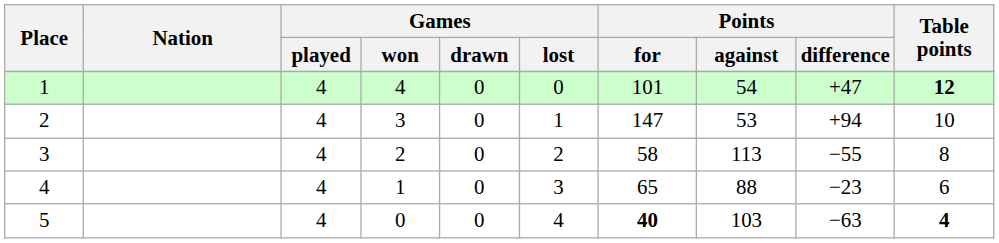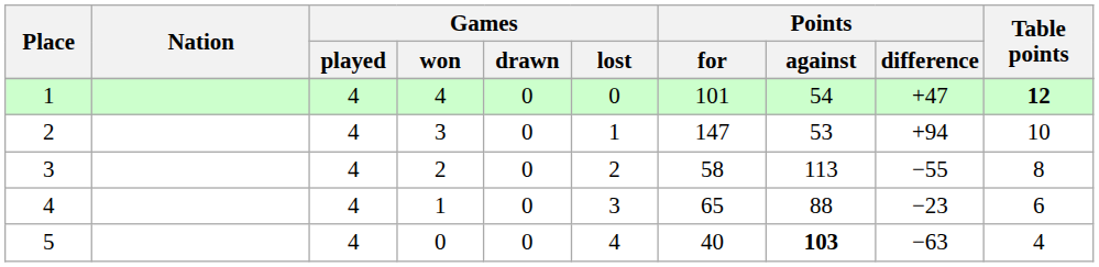 <table class="wikitable">
 <tr>
 <th rowspan=2 width="8%">Place</th>
 <th rowspan=2 width="20%">Nation</th>
 <th colspan=4 width="32%">Games</th>
 <th colspan=3 width="30%">Points</th>
 <th rowspan=2 width="10%">Table<br>points</th>
 </tr>
 <tr>
 <th width="8%">played</th>
 <th width="8%">won</th>
 <th width="8%">drawn</th>
 <th width="8%">lost</th>
 <th width="10%">for</th>
 <th width="10%">against</th>
 <th width="10%">difference</th>
 </tr>
 <tr>
 </tr>
 <tr bgcolor=#ccffcc align=center>
 <td>1</td>
 <td align=left><strong></strong></td>
 <td>4</td>
 <td>4</td>
 <td>0</td>
 <td>0</td>
 <td>101</td>
 <td>54</td>
 <td>+47</td>
 <td><strong>12</strong></td>
 </tr>
 <tr bgcolor=#ffffff align=center>
 <td>2</td>
 <td align=left></td>
 <td>4</td>
 <td>3</td>
 <td>0</td>
 <td>1</td>
 <td>147</td>
 <td>53</td>
 <td>+94</td>
 <td>10</td>
 </tr>
 <tr bgcolor=#ffffff align=center>
 <td>3</td>
 <td align=left></td>
 <td>4</td>
 <td>2</td>
 <td>0</td>
 <td>2</td>
 <td>58</td>
 <td>113</td>
 <td>−55</td>
 <td>8</td>
 </tr>
 <tr bgcolor=#ffffff align=center>
 <td>4</td>
 <td align=left></td>
 <td>4</td>
 <td>1</td>
 <td>0</td>
 <td>3</td>
 <td>65</td>
 <td>88</td>
 <td>−23</td>
 <td>6</td>
 </tr>
 <tr bgcolor=#ffffff align=center>
 <td>5</td>
 <td align=left></td>
 <td>4</td>
 <td>0</td>
 <td>0</td>
 <td>4</td>
-<td><strong>40</strong></td>
-<td>103</td>
+<td>40</td>
+<td><strong>103</strong></td>
 <td>−63</td>
-<td><strong>4</strong></td>
+<td>4</td>
 </tr>
 </table>
